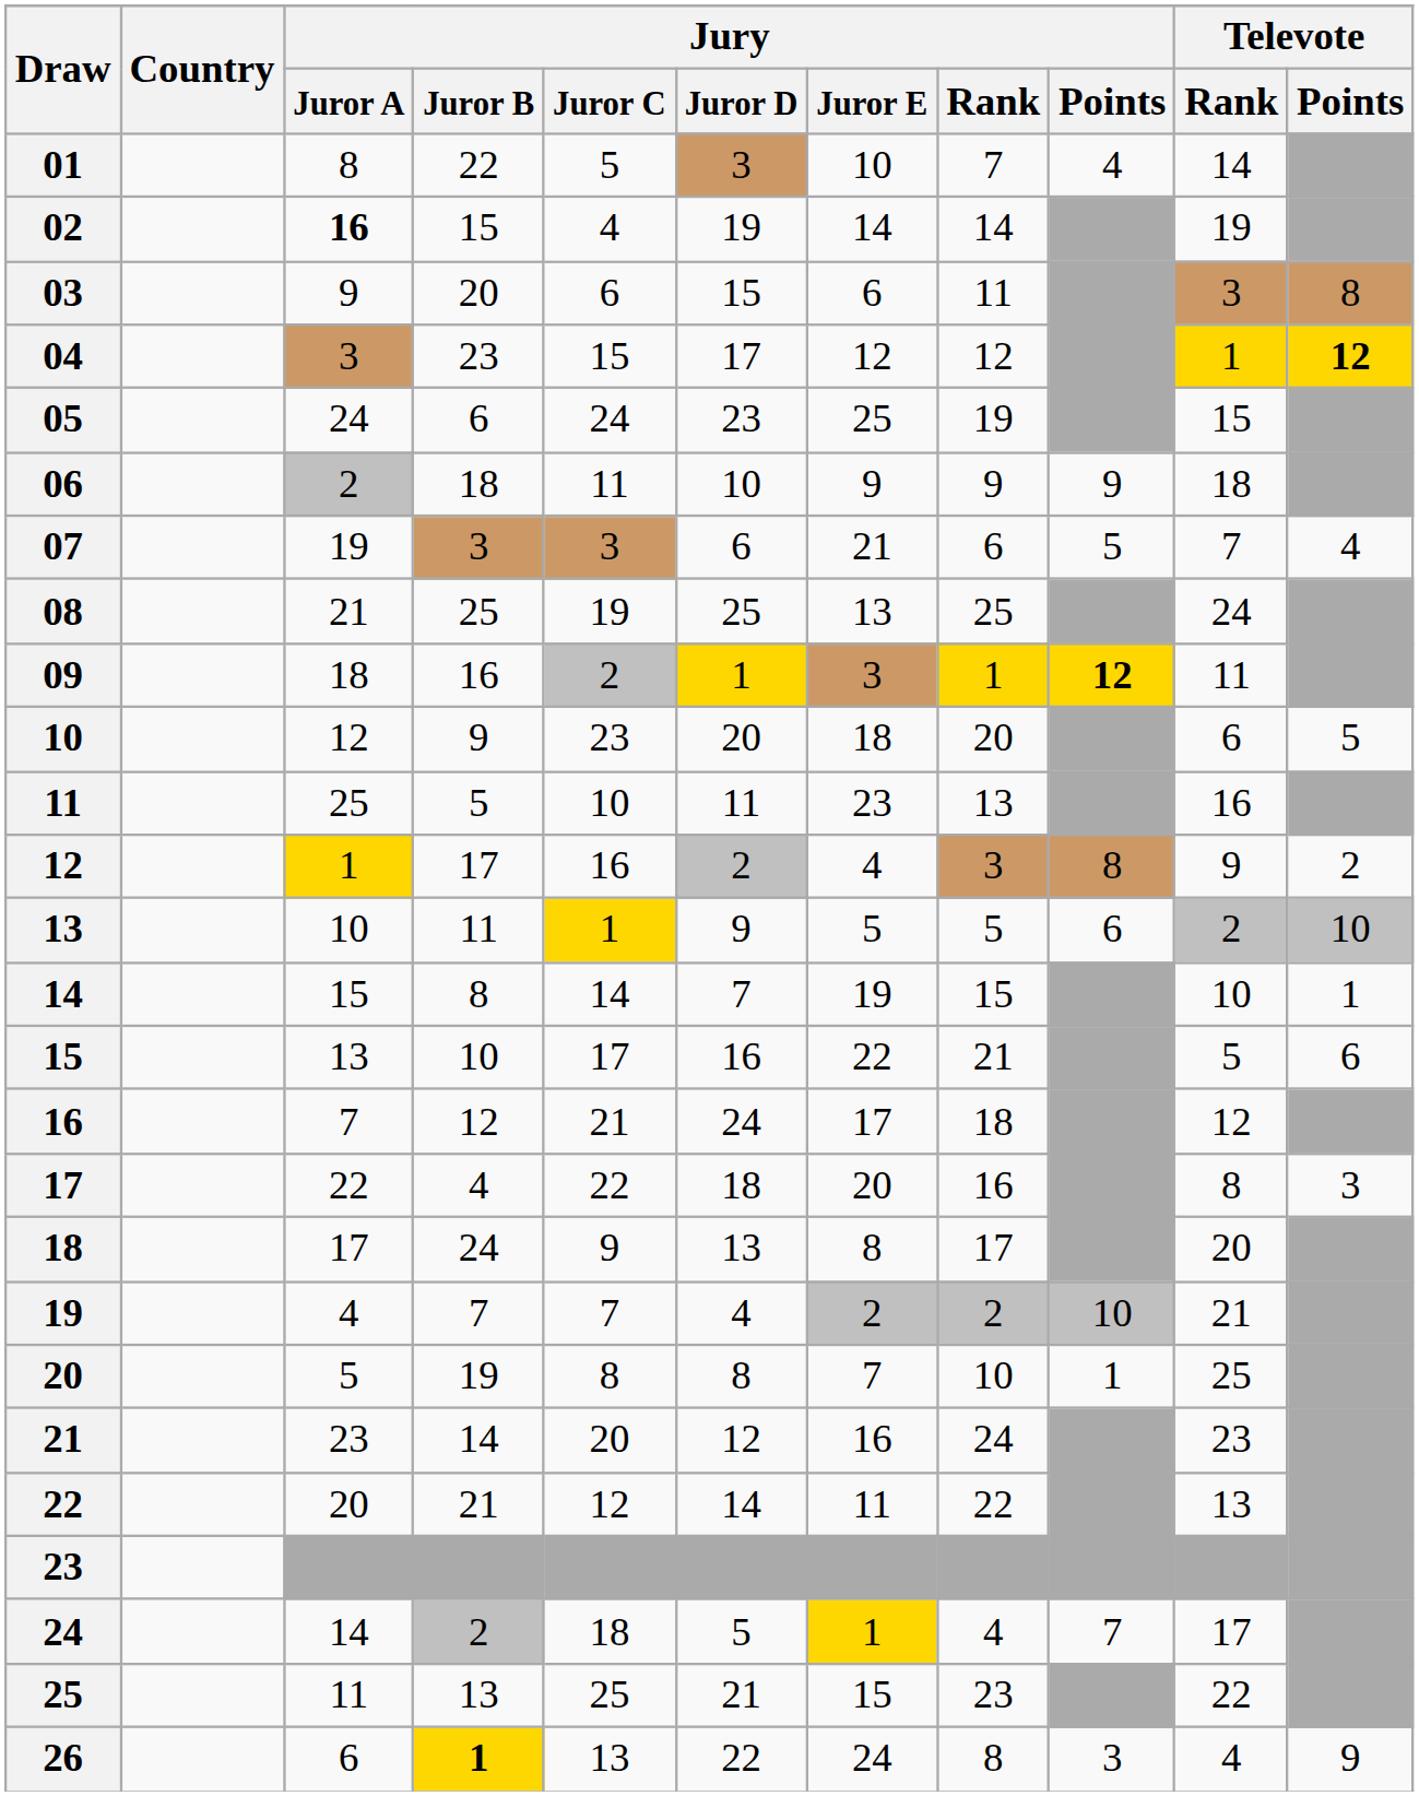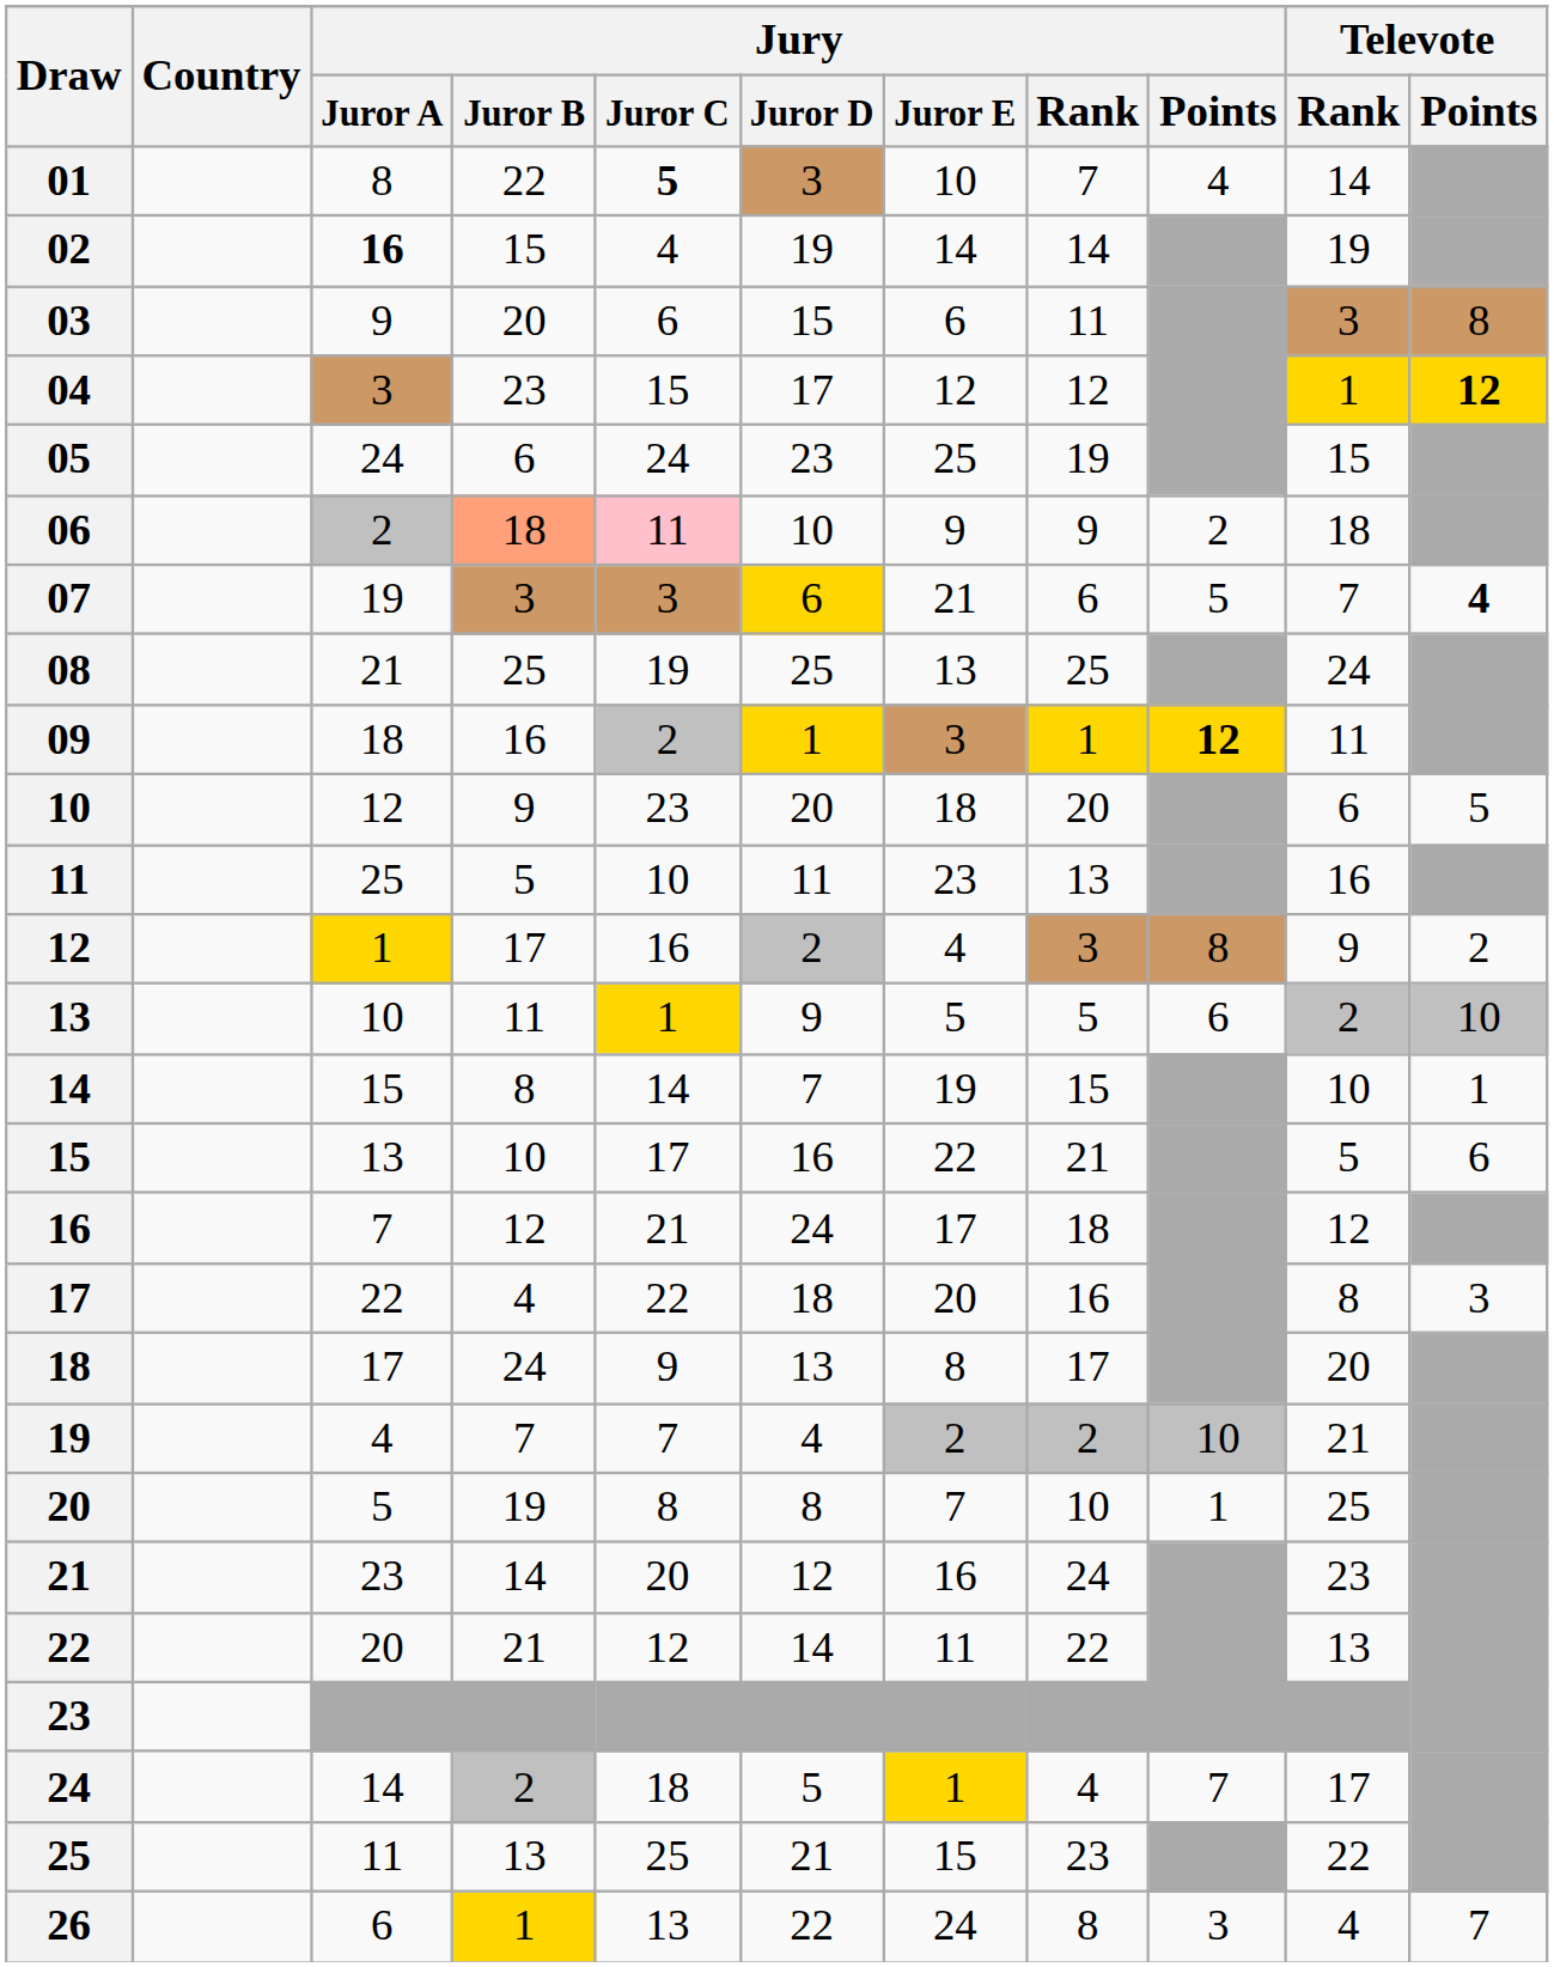 <table class="sortable wikitable collapsible plainrowheaders" style="text-align:center;">
 <tr>
 </tr>
 <tr>
 <th scope="col" rowspan="2">Draw</th>
 <th scope="col" rowspan="2">Country</th>
 <th scope="col" colspan="7">Jury</th>
 <th scope="col" colspan="2">Televote</th>
 </tr>
 <tr>
 <th scope="col"><small>Juror A</small></th>
 <th scope="col"><small>Juror B</small></th>
 <th scope="col"><small>Juror C</small></th>
 <th scope="col"><small>Juror D</small></th>
 <th scope="col"><small>Juror E</small></th>
 <th scope="col">Rank</th>
 <th scope="col" class="unsortable">Points</th>
 <th scope="col">Rank</th>
 <th scope="col" class="unsortable">Points</th>
 </tr>
 <tr>
 <th scope="row" style="text-align:center;">01</th>
 <td style="text-align:left;"></td>
 <td>8</td>
 <td>22</td>
-<td>5</td>
+<td><strong>5</strong></td>
 <td style="background:#CC9966;">3</td>
 <td>10</td>
 <td>7</td>
 <td>4</td>
 <td>14</td>
 <td style="background:#AAAAAA;"></td>
 </tr>
 <tr>
 <th scope="row" style="text-align:center;">02</th>
 <td style="text-align:left;"></td>
 <td><strong>16</strong></td>
 <td>15</td>
 <td>4</td>
 <td>19</td>
 <td>14</td>
 <td>14</td>
 <td style="background:#AAAAAA;"></td>
 <td>19</td>
 <td style="background:#AAAAAA;"></td>
 </tr>
 <tr>
 <th scope="row" style="text-align:center;">03</th>
 <td style="text-align:left;"></td>
 <td>9</td>
 <td>20</td>
 <td>6</td>
 <td>15</td>
 <td>6</td>
 <td>11</td>
 <td style="background:#AAAAAA;"></td>
 <td style="background:#CC9966;">3</td>
 <td style="background:#CC9966;">8</td>
 </tr>
 <tr>
 <th scope="row" style="text-align:center;">04</th>
 <td style="text-align:left;"></td>
 <td style="background:#CC9966;">3</td>
 <td>23</td>
 <td>15</td>
 <td>17</td>
 <td>12</td>
 <td>12</td>
 <td style="background:#AAAAAA;"></td>
 <td style="background:gold;">1</td>
 <td style="background:gold;"><strong>12</strong></td>
 </tr>
 <tr>
 <th scope="row" style="text-align:center;">05</th>
 <td style="text-align:left;"></td>
 <td>24</td>
 <td>6</td>
 <td>24</td>
 <td>23</td>
 <td>25</td>
 <td>19</td>
 <td style="background:#AAAAAA;"></td>
 <td>15</td>
 <td style="background:#AAAAAA;"></td>
 </tr>
 <tr>
 <th scope="row" style="text-align:center;">06</th>
 <td style="text-align:left;"></td>
 <td style="background:silver;">2</td>
-<td>18</td>
-<td>11</td>
+<td style="background: lightsalmon;">18</td>
+<td style="background: pink;">11</td>
 <td>10</td>
 <td>9</td>
 <td>9</td>
-<td>9</td>
+<td>2</td>
 <td>18</td>
 <td style="background:#AAAAAA;"></td>
 </tr>
 <tr>
 <th scope="row" style="text-align:center;">07</th>
 <td style="text-align:left;"></td>
 <td>19</td>
 <td style="background:#CC9966;">3</td>
 <td style="background:#CC9966;">3</td>
-<td>6</td>
+<td style="background: gold;">6</td>
 <td>21</td>
 <td>6</td>
 <td>5</td>
 <td>7</td>
-<td>4</td>
+<td><strong>4</strong></td>
 </tr>
 <tr>
 <th scope="row" style="text-align:center;">08</th>
 <td style="text-align:left;"></td>
 <td>21</td>
 <td>25</td>
 <td>19</td>
 <td>25</td>
 <td>13</td>
 <td>25</td>
 <td style="background:#AAAAAA;"></td>
 <td>24</td>
 <td style="background:#AAAAAA;"></td>
 </tr>
 <tr>
 <th scope="row" style="text-align:center;">09</th>
 <td style="text-align:left;"></td>
 <td>18</td>
 <td>16</td>
 <td style="background:silver;">2</td>
 <td style="background:gold;">1</td>
 <td style="background:#CC9966;">3</td>
 <td style="background:gold;">1</td>
 <td style="background:gold;"><strong>12</strong></td>
 <td>11</td>
 <td style="background:#AAAAAA;"></td>
 </tr>
 <tr>
 <th scope="row" style="text-align:center;">10</th>
 <td style="text-align:left;"></td>
 <td>12</td>
 <td>9</td>
 <td>23</td>
 <td>20</td>
 <td>18</td>
 <td>20</td>
 <td style="background:#AAAAAA;"></td>
 <td>6</td>
 <td>5</td>
 </tr>
 <tr>
 <th scope="row" style="text-align:center;">11</th>
 <td style="text-align:left;"></td>
 <td>25</td>
 <td>5</td>
 <td>10</td>
 <td>11</td>
 <td>23</td>
 <td>13</td>
 <td style="background:#AAAAAA;"></td>
 <td>16</td>
 <td style="background:#AAAAAA;"></td>
 </tr>
 <tr>
 <th scope="row" style="text-align:center;">12</th>
 <td style="text-align:left;"></td>
 <td style="background:gold;">1</td>
 <td>17</td>
 <td>16</td>
 <td style="background:silver;">2</td>
 <td>4</td>
 <td style="background:#CC9966;">3</td>
 <td style="background:#CC9966;">8</td>
 <td>9</td>
 <td>2</td>
 </tr>
 <tr>
 <th scope="row" style="text-align:center;">13</th>
 <td style="text-align:left;"></td>
 <td>10</td>
 <td>11</td>
 <td style="background:gold;">1</td>
 <td>9</td>
 <td>5</td>
 <td>5</td>
 <td>6</td>
 <td style="background:silver;">2</td>
 <td style="background:silver;">10</td>
 </tr>
 <tr>
 <th scope="row" style="text-align:center;">14</th>
 <td style="text-align:left;"></td>
 <td>15</td>
 <td>8</td>
 <td>14</td>
 <td>7</td>
 <td>19</td>
 <td>15</td>
 <td style="background:#AAAAAA;"></td>
 <td>10</td>
 <td>1</td>
 </tr>
 <tr>
 <th scope="row" style="text-align:center;">15</th>
 <td style="text-align:left;"></td>
 <td>13</td>
 <td>10</td>
 <td>17</td>
 <td>16</td>
 <td>22</td>
 <td>21</td>
 <td style="background:#AAAAAA;"></td>
 <td>5</td>
 <td>6</td>
 </tr>
 <tr>
 <th scope="row" style="text-align:center;">16</th>
 <td style="text-align:left;"></td>
 <td>7</td>
 <td>12</td>
 <td>21</td>
 <td>24</td>
 <td>17</td>
 <td>18</td>
 <td style="background:#AAAAAA;"></td>
 <td>12</td>
 <td style="background:#AAAAAA;"></td>
 </tr>
 <tr>
 <th scope="row" style="text-align:center;">17</th>
 <td style="text-align:left;"></td>
 <td>22</td>
 <td>4</td>
 <td>22</td>
 <td>18</td>
 <td>20</td>
 <td>16</td>
 <td style="background:#AAAAAA;"></td>
 <td>8</td>
 <td>3</td>
 </tr>
 <tr>
 <th scope="row" style="text-align:center;">18</th>
 <td style="text-align:left;"></td>
 <td>17</td>
 <td>24</td>
 <td>9</td>
 <td>13</td>
 <td>8</td>
 <td>17</td>
 <td style="background:#AAAAAA;"></td>
 <td>20</td>
 <td style="background:#AAAAAA;"></td>
 </tr>
 <tr>
 <th scope="row" style="text-align:center;">19</th>
 <td style="text-align:left;"></td>
 <td>4</td>
 <td>7</td>
 <td>7</td>
 <td>4</td>
 <td style="background:silver;">2</td>
 <td style="background:silver;">2</td>
 <td style="background:silver;">10</td>
 <td>21</td>
 <td style="background:#AAAAAA;"></td>
 </tr>
 <tr>
 <th scope="row" style="text-align:center;">20</th>
 <td style="text-align:left;"></td>
 <td>5</td>
 <td>19</td>
 <td>8</td>
 <td>8</td>
 <td>7</td>
 <td>10</td>
 <td>1</td>
 <td>25</td>
 <td style="background:#AAAAAA;"></td>
 </tr>
 <tr>
 <th scope="row" style="text-align:center;">21</th>
 <td style="text-align:left;"></td>
 <td>23</td>
 <td>14</td>
 <td>20</td>
 <td>12</td>
 <td>16</td>
 <td>24</td>
 <td style="background:#AAAAAA;"></td>
 <td>23</td>
 <td style="background:#AAAAAA;"></td>
 </tr>
 <tr>
 <th scope="row" style="text-align:center;">22</th>
 <td style="text-align:left;"></td>
 <td>20</td>
 <td>21</td>
 <td>12</td>
 <td>14</td>
 <td>11</td>
 <td>22</td>
 <td style="background:#AAAAAA;"></td>
 <td>13</td>
 <td style="background:#AAAAAA;"></td>
 </tr>
 <tr class=sortbottom>
 <th scope="row" style="text-align:center;">23</th>
 <td style="text-align:left;"></td>
 <td style="background:#AAAAAA;"></td>
 <td style="background:#AAAAAA;"></td>
 <td style="background:#AAAAAA;"></td>
 <td style="background:#AAAAAA;"></td>
 <td style="background:#AAAAAA;"></td>
 <td style="background:#AAAAAA;"></td>
 <td style="background:#AAAAAA;"></td>
 <td style="background:#AAAAAA;"></td>
 <td style="background:#AAAAAA;"></td>
 </tr>
 <tr>
 <th scope="row" style="text-align:center;">24</th>
 <td style="text-align:left;"></td>
 <td>14</td>
 <td style="background:silver;">2</td>
 <td>18</td>
 <td>5</td>
 <td style="background:gold;">1</td>
 <td>4</td>
 <td>7</td>
 <td>17</td>
 <td style="background:#AAAAAA;"></td>
 </tr>
 <tr>
 <th scope="row" style="text-align:center;">25</th>
 <td style="text-align:left;"></td>
 <td>11</td>
 <td>13</td>
 <td>25</td>
 <td>21</td>
 <td>15</td>
 <td>23</td>
 <td style="background:#AAAAAA;"></td>
 <td>22</td>
 <td style="background:#AAAAAA;"></td>
 </tr>
 <tr>
 <th scope="row" style="text-align:center;">26</th>
 <td style="text-align:left;"></td>
 <td>6</td>
-<td style="background:gold;"><strong>1</strong></td>
+<td style="background:gold;">1</td>
 <td>13</td>
 <td>22</td>
 <td>24</td>
 <td>8</td>
 <td>3</td>
 <td>4</td>
-<td>9</td>
+<td>7</td>
 </tr>
 </table>
